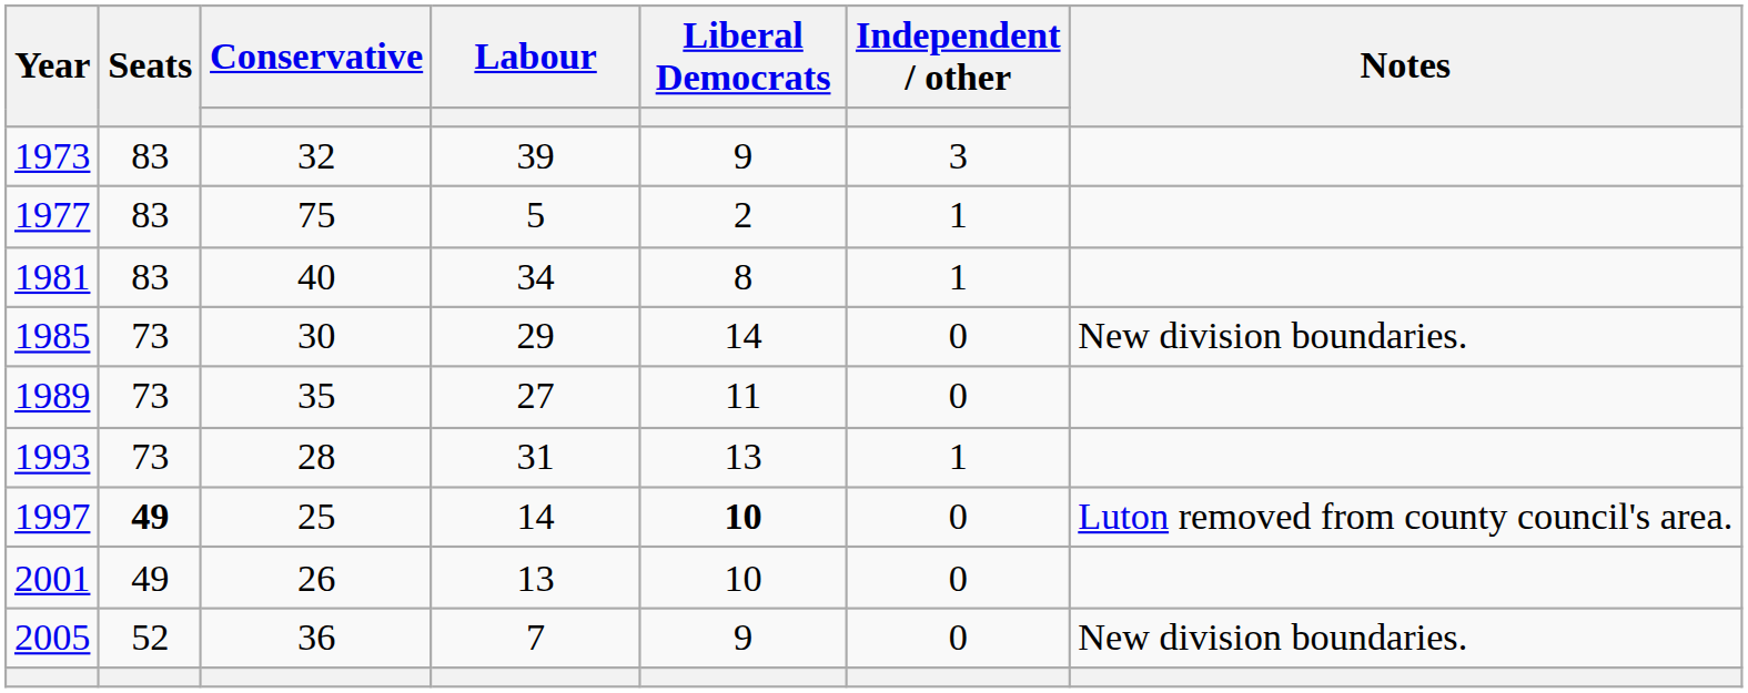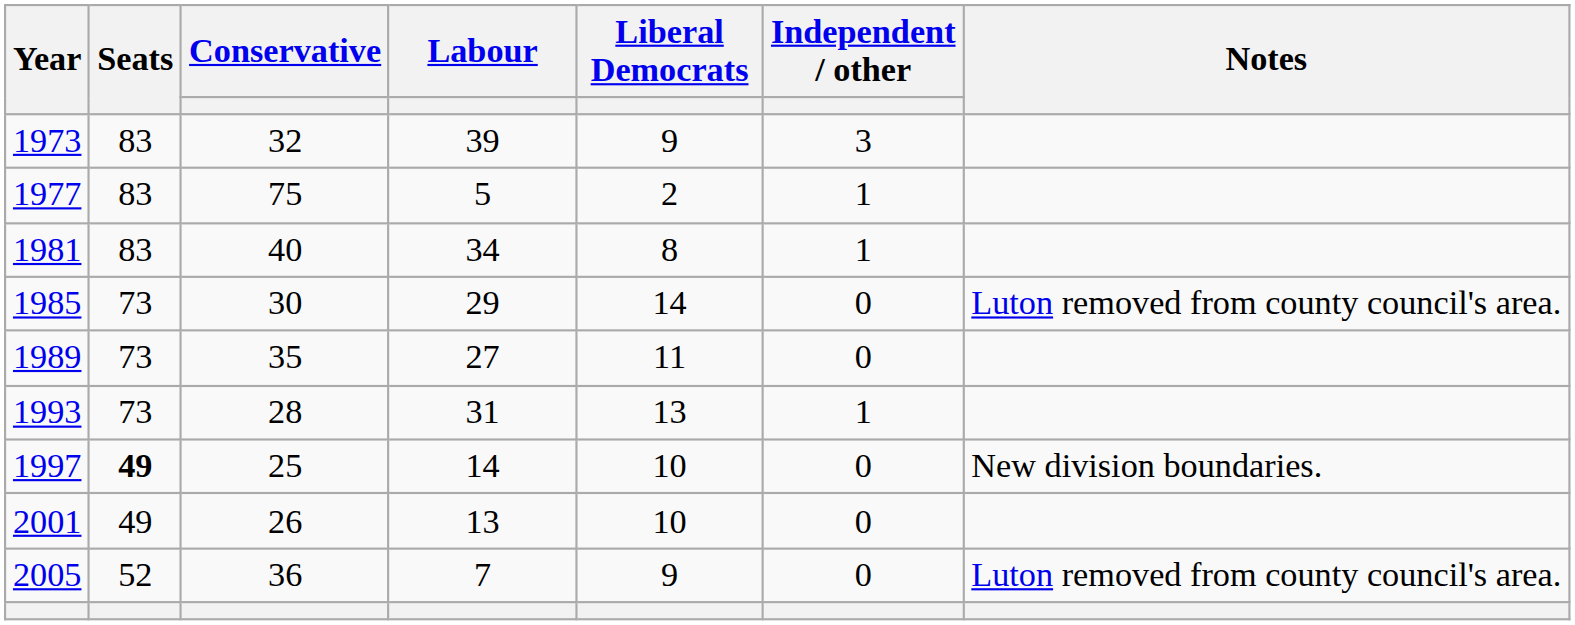 <table class=wikitable style=text-align:center>
 <tr>
 <th rowspan=2>Year</th>
 <th rowspan=2>Seats</th>
 <th width="80"><a href='#'>Conservative</a></th>
 <th width="80"><a href='#'><strong>Labour</strong></a></th>
 <th width="80"><a href='#'><strong>Liberal Democrats</strong></a></th>
 <th width="80"><a href='#'><strong>Independent</strong></a> / other</th>
 <th rowspan=2><strong>Notes</strong></th>
 </tr>
 <tr>
 <th style="background-color: "></th>
 <th style="background-color: "></th>
 <th style="background-color: "></th>
 <th style="background-color: "></th>
 </tr>
 <tr>
 <td><a href='#'>1973</a></td>
 <td>83</td>
 <td>32</td>
 <td>39</td>
 <td>9</td>
 <td>3</td>
 <td></td>
 </tr>
 <tr>
 <td><a href='#'>1977</a></td>
 <td>83</td>
 <td>75</td>
 <td>5</td>
 <td>2</td>
 <td>1</td>
 <td></td>
 </tr>
 <tr>
 <td><a href='#'>1981</a></td>
 <td>83</td>
 <td>40</td>
 <td>34</td>
 <td>8</td>
 <td>1</td>
 <td></td>
 </tr>
 <tr>
 <td><a href='#'>1985</a></td>
 <td>73</td>
 <td>30</td>
 <td>29</td>
 <td>14</td>
 <td>0</td>
-<td align=left>New division boundaries.</td>
+<td align=left><a href='#'>Luton</a> removed from county council's area.</td>
 </tr>
 <tr>
 <td><a href='#'>1989</a></td>
 <td>73</td>
 <td>35</td>
 <td>27</td>
 <td>11</td>
 <td>0</td>
 <td></td>
 </tr>
 <tr>
 <td><a href='#'>1993</a></td>
 <td>73</td>
 <td>28</td>
 <td>31</td>
 <td>13</td>
 <td>1</td>
 <td></td>
 </tr>
 <tr>
 <td><a href='#'>1997</a></td>
 <td><strong>49</strong></td>
 <td>25</td>
 <td>14</td>
-<td><strong>10</strong></td>
+<td>10</td>
 <td>0</td>
-<td align=left><a href='#'>Luton</a> removed from county council's area.</td>
+<td align=left>New division boundaries.</td>
 </tr>
 <tr>
 <td><a href='#'>2001</a></td>
 <td>49</td>
 <td>26</td>
 <td>13</td>
 <td>10</td>
 <td>0</td>
 <td></td>
 </tr>
 <tr>
 <td><a href='#'>2005</a></td>
 <td>52</td>
 <td>36</td>
 <td>7</td>
 <td>9</td>
 <td>0</td>
-<td align=left>New division boundaries.</td>
+<td align=left><a href='#'>Luton</a> removed from county council's area.</td>
 </tr>
 <tr>
 <th></th>
 <th></th>
 <th style="background-color: "></th>
 <th style="background-color: "></th>
 <th style="background-color: "></th>
 <th style="background-color: "></th>
 <th></th>
 </tr>
 </table>
